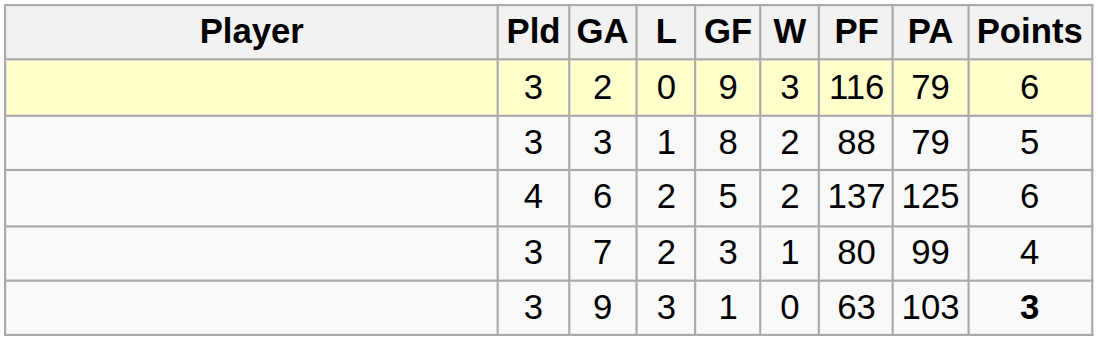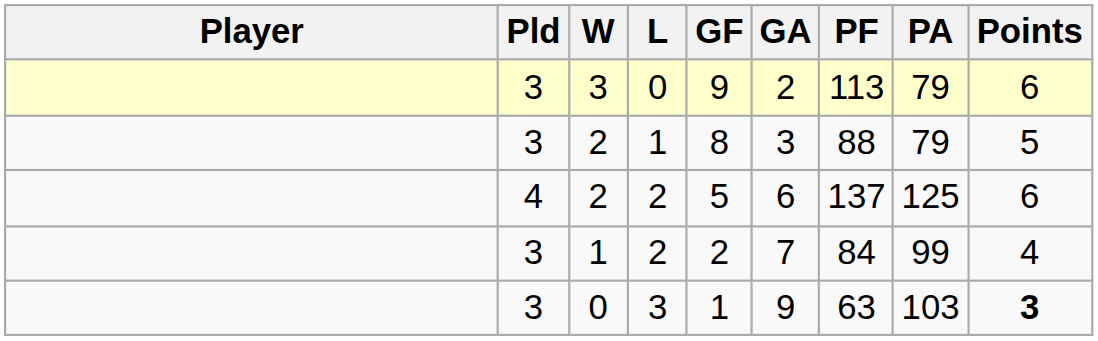 <table class=wikitable style="text-align:center;">
 <tr>
 <th width=220>Player</th>
 <th width=20>Pld</th>
-<th width=20>GA</th>
+<th width=20>W</th>
 <th width=20>L</th>
 <th width=20>GF</th>
-<th width=20>W</th>
+<th width=20>GA</th>
 <th width=20>PF</th>
 <th width=20>PA</th>
 <th width=50>Points</th>
 </tr>
 <tr bgcolor=#ffffcc>
 <td style="text-align:left;"></td>
 <td>3</td>
-<td>2</td>
+<td>3</td>
 <td>0</td>
 <td>9</td>
-<td>3</td>
-<td>116</td>
+<td>2</td>
+<td>113</td>
 <td>79</td>
 <td>6</td>
 </tr>
 <tr>
 <td style="text-align:left;"></td>
 <td>3</td>
-<td>3</td>
+<td>2</td>
 <td>1</td>
 <td>8</td>
-<td>2</td>
+<td>3</td>
 <td>88</td>
 <td>79</td>
 <td>5</td>
 </tr>
 <tr>
 <td style="text-align:left;"></td>
 <td>4</td>
-<td>6</td>
+<td>2</td>
 <td>2</td>
 <td>5</td>
-<td>2</td>
+<td>6</td>
 <td>137</td>
 <td>125</td>
 <td>6</td>
 </tr>
 <tr>
 <td style="text-align:left;"></td>
 <td>3</td>
+<td>1</td>
+<td>2</td>
+<td>2</td>
 <td>7</td>
-<td>2</td>
-<td>3</td>
-<td>1</td>
-<td>80</td>
+<td>84</td>
 <td>99</td>
 <td>4</td>
 </tr>
 <tr>
 <td style="text-align:left;"></td>
 <td>3</td>
-<td>9</td>
+<td>0</td>
 <td>3</td>
 <td>1</td>
-<td>0</td>
+<td>9</td>
 <td>63</td>
 <td>103</td>
 <td><strong>3</strong></td>
 </tr>
 </table>
